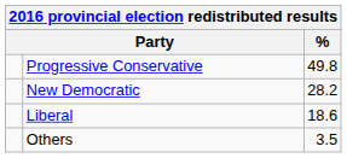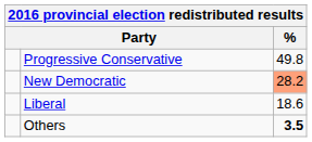 <table class="wikitable">
 <tr>
 <th colspan="4"><a href='#'>2016 provincial election</a> redistributed results</th>
 </tr>
 <tr>
 <th bgcolor="#DDDDFF" width="130px" colspan="2">Party</th>
 <th bgcolor="#DDDDFF" width="30px">%</th>
 </tr>
 <tr>
 <td> </td>
 <td><a href='#'>Progressive Conservative</a></td>
 <td align=right>49.8</td>
 </tr>
 <tr>
 <td> </td>
 <td><a href='#'>New Democratic</a></td>
-<td align=right>28.2</td>
+<td align=right style="background: lightsalmon;">28.2</td>
 </tr>
 <tr>
 <td> </td>
 <td><a href='#'>Liberal</a></td>
 <td align=right>18.6</td>
 </tr>
 <tr>
 <td> </td>
 <td>Others</td>
-<td align=right>3.5</td>
+<td align=right><strong>3.5</strong></td>
 </tr>
 </table>
